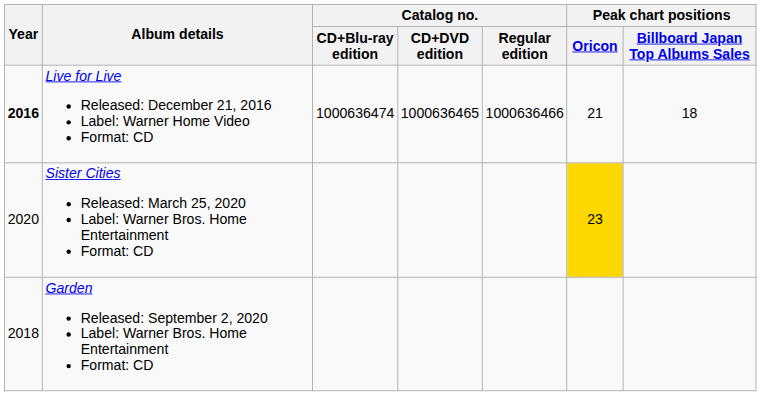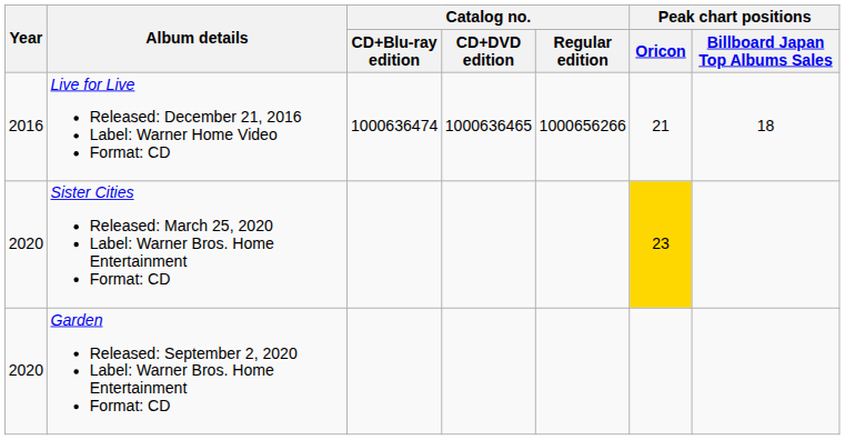 <table class="wikitable">
 <tr>
 <th rowspan="2">Year</th>
 <th rowspan="2" width=300px>Album details</th>
 <th colspan="3">Catalog no.</th>
 <th colspan="2">Peak chart positions</th>
 </tr>
 <tr>
 <th width="80px">CD+Blu-ray edition</th>
 <th width="80px">CD+DVD edition</th>
 <th width="80px">Regular edition</th>
 <th style="width:3.5em;"><strong><a href='#'>Oricon</a></strong></th>
 <th style="width:9em;"><strong><a href='#'>Billboard Japan Top Albums Sales</a></strong></th>
 </tr>
 <tr>
-<td><strong>2016</strong></td>
+<td>2016</td>
 <td align="left"><em><a href='#'>Live for Live</a></em><br><ul><li>Released: December 21, 2016</li><li>Label: Warner Home Video</li><li>Format: CD</li></ul></td>
 <td align=center>1000636474</td>
 <td align=center>1000636465</td>
-<td align=center>1000636466</td>
+<td align=center>1000656266</td>
 <td align="center">21</td>
 <td align="center">18</td>
 </tr>
 <tr>
 <td>2020</td>
 <td align="left"><em><a href='#'>Sister Cities</a></em><br><ul><li>Released: March 25, 2020</li><li>Label: Warner Bros. Home Entertainment</li><li>Format: CD</li></ul></td>
 <td align=center></td>
 <td align=center></td>
 <td align=center></td>
 <td align="center" style="background: gold;">23</td>
 <td align="center"></td>
 </tr>
 <tr>
-<td>2018</td>
+<td>2020</td>
 <td align="left"><em><a href='#'>Garden</a></em><br><ul><li>Released: September 2, 2020</li><li>Label: Warner Bros. Home Entertainment</li><li>Format: CD</li></ul></td>
 <td align=center></td>
 <td align=center></td>
 <td align=center></td>
 <td align="center"></td>
 <td align="center"></td>
 </tr>
 </table>
